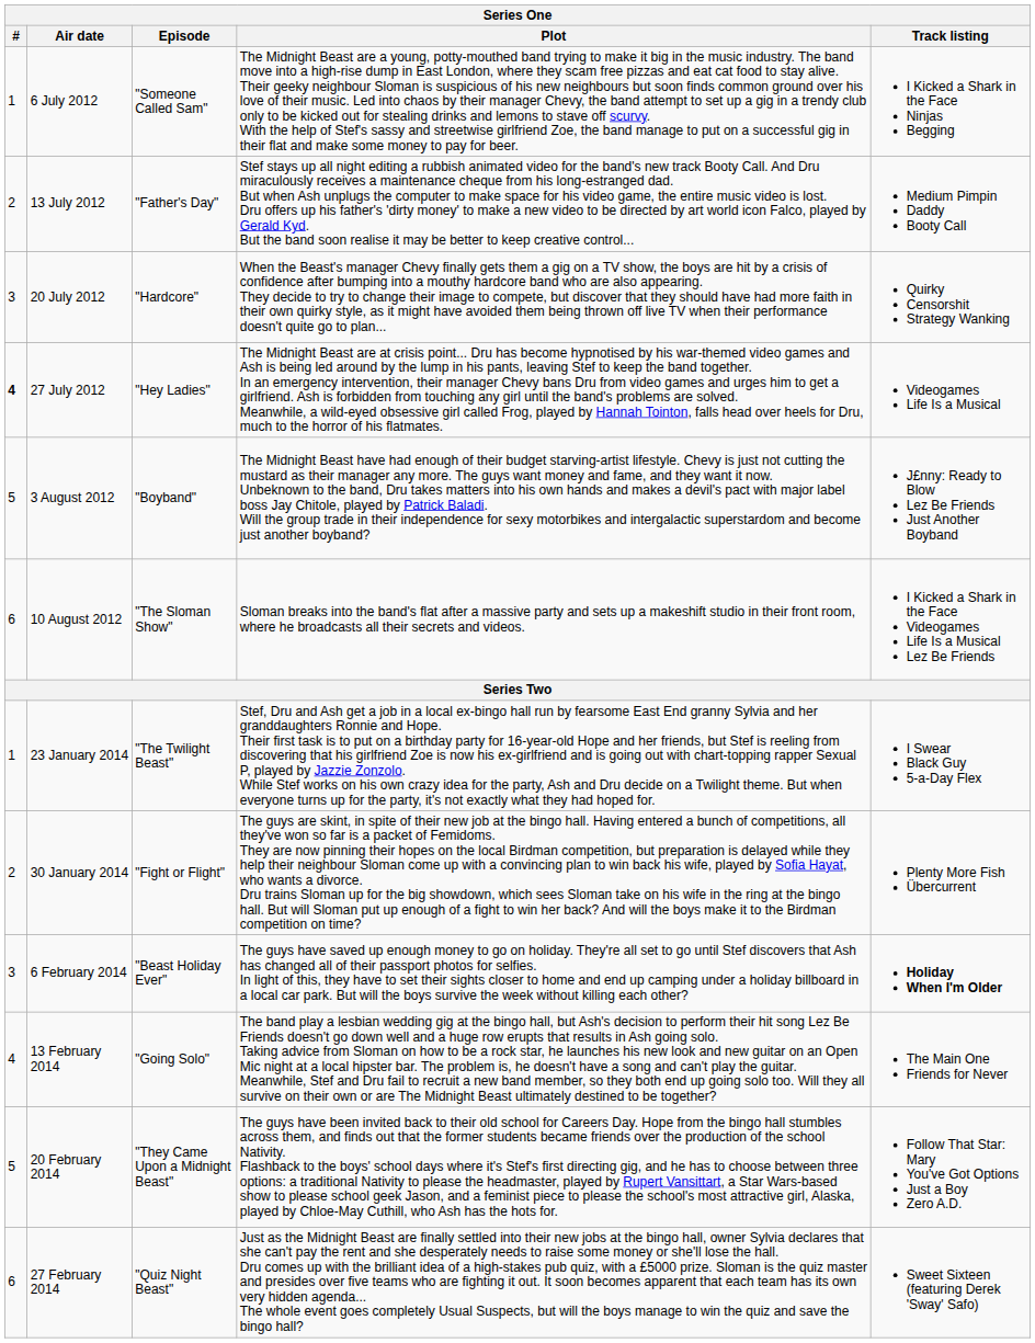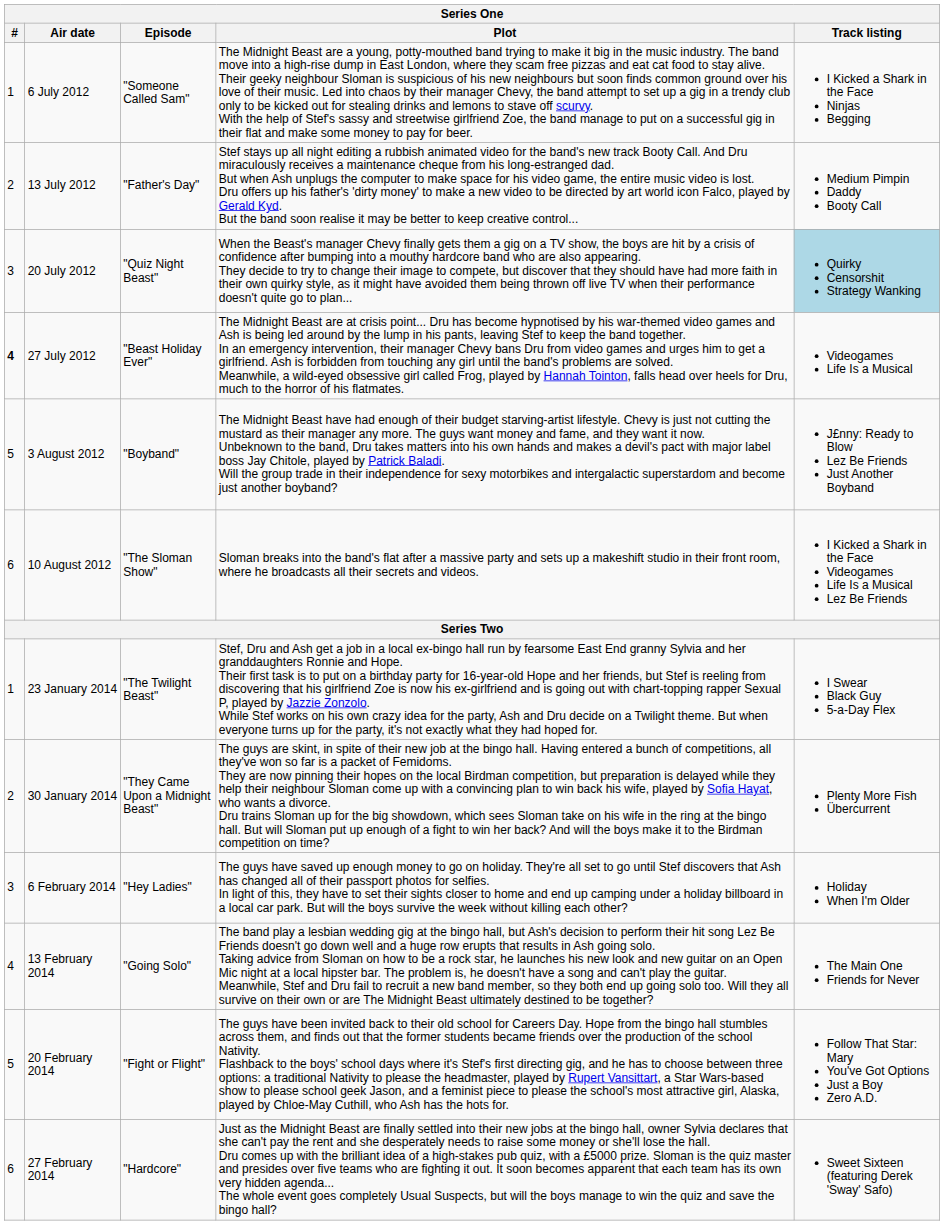 <table class="wikitable" border="1">
 <tr>
 <th colspan=5>Series One</th>
 </tr>
 <tr>
 <th width=20>#</th>
 <th width=120>Air date</th>
 <th width=120>Episode</th>
 <th>Plot</th>
 <th>Track listing</th>
 </tr>
 <tr>
 <td>1</td>
 <td>6 July 2012</td>
 <td>"Someone Called Sam"</td>
 <td>The Midnight Beast are a young, potty-mouthed band trying to make it big in the music industry. The band move into a high-rise dump in East London, where they scam free pizzas and eat cat food to stay alive.<br>Their geeky neighbour Sloman is suspicious of his new neighbours but soon finds common ground over his love of their music. Led into chaos by their manager Chevy, the band attempt to set up a gig in a trendy club only to be kicked out for stealing drinks and lemons to stave off <a href='#'>scurvy</a>.<br>With the help of Stef's sassy and streetwise girlfriend Zoe, the band manage to put on a successful gig in their flat and make some money to pay for beer.</td>
 <td><br><ul><li>I Kicked a Shark in the Face</li><li>Ninjas</li><li>Begging</li></ul></td>
 </tr>
 <tr>
 <td>2</td>
 <td>13 July 2012</td>
 <td>"Father's Day"</td>
 <td>Stef stays up all night editing a rubbish animated video for the band's new track Booty Call. And Dru miraculously receives a maintenance cheque from his long-estranged dad.<br>But when Ash unplugs the computer to make space for his video game, the entire music video is lost.<br>Dru offers up his father's 'dirty money' to make a new video to be directed by art world icon Falco, played by <a href='#'>Gerald Kyd</a>.<br>But the band soon realise it may be better to keep creative control...</td>
 <td><br><ul><li>Medium Pimpin</li><li>Daddy</li><li>Booty Call</li></ul></td>
 </tr>
 <tr>
 <td>3</td>
 <td>20 July 2012</td>
-<td>"Hardcore"</td>
+<td>"Quiz Night Beast"</td>
 <td>When the Beast's manager Chevy finally gets them a gig on a TV show, the boys are hit by a crisis of confidence after bumping into a mouthy hardcore band who are also appearing.<br>They decide to try to change their image to compete, but discover that they should have had more faith in their own quirky style, as it might have avoided them being thrown off live TV when their performance doesn't quite go to plan...</td>
-<td><br><ul><li>Quirky</li><li>Censorshit</li><li>Strategy Wanking</li></ul></td>
+<td style="background: lightblue;"><br><ul><li>Quirky</li><li>Censorshit</li><li>Strategy Wanking</li></ul></td>
 </tr>
 <tr>
 <td><strong>4</strong></td>
 <td>27 July 2012</td>
-<td>"Hey Ladies"</td>
+<td>"Beast Holiday Ever"</td>
 <td>The Midnight Beast are at crisis point... Dru has become hypnotised by his war-themed video games and Ash is being led around by the lump in his pants, leaving Stef to keep the band together.<br>In an emergency intervention, their manager Chevy bans Dru from video games and urges him to get a girlfriend. Ash is forbidden from touching any girl until the band's problems are solved.<br>Meanwhile, a wild-eyed obsessive girl called Frog, played by <a href='#'>Hannah Tointon</a>, falls head over heels for Dru, much to the horror of his flatmates.</td>
 <td><br><ul><li>Videogames</li><li>Life Is a Musical</li></ul></td>
 </tr>
 <tr>
 <td>5</td>
 <td>3 August 2012</td>
 <td>"Boyband"</td>
 <td>The Midnight Beast have had enough of their budget starving-artist lifestyle. Chevy is just not cutting the mustard as their manager any more. The guys want money and fame, and they want it now.<br>Unbeknown to the band, Dru takes matters into his own hands and makes a devil's pact with major label boss Jay Chitole, played by <a href='#'>Patrick Baladi</a>.<br>Will the group trade in their independence for sexy motorbikes and intergalactic superstardom and become just another boyband?</td>
 <td><br><ul><li>J£nny: Ready to Blow</li><li>Lez Be Friends</li><li>Just Another Boyband</li></ul></td>
 </tr>
 <tr>
 <td>6</td>
 <td>10 August 2012</td>
 <td>"The Sloman Show"</td>
 <td>Sloman breaks into the band's flat after a massive party and sets up a makeshift studio in their front room, where he broadcasts all their secrets and videos.</td>
 <td><br><ul><li>I Kicked a Shark in the Face</li><li>Videogames</li><li>Life Is a Musical</li><li>Lez Be Friends</li></ul></td>
 </tr>
 <tr>
 <th colspan=5>Series Two</th>
 </tr>
 <tr>
 <td>1</td>
 <td>23 January 2014</td>
 <td>"The Twilight Beast"</td>
 <td>Stef, Dru and Ash get a job in a local ex-bingo hall run by fearsome East End granny Sylvia and her granddaughters Ronnie and Hope.<br>Their first task is to put on a birthday party for 16-year-old Hope and her friends, but Stef is reeling from discovering that his girlfriend Zoe is now his ex-girlfriend and is going out with chart-topping rapper Sexual P, played by <a href='#'>Jazzie Zonzolo</a>.<br>While Stef works on his own crazy idea for the party, Ash and Dru decide on a Twilight theme. But when everyone turns up for the party, it's not exactly what they had hoped for.</td>
 <td><br><ul><li>I Swear</li><li>Black Guy</li><li>5-a-Day Flex</li></ul></td>
 </tr>
 <tr>
 <td>2</td>
 <td>30 January 2014</td>
-<td>"Fight or Flight"</td>
+<td>"They Came Upon a Midnight Beast"</td>
 <td>The guys are skint, in spite of their new job at the bingo hall. Having entered a bunch of competitions, all they've won so far is a packet of Femidoms.<br>They are now pinning their hopes on the local Birdman competition, but preparation is delayed while they help their neighbour Sloman come up with a convincing plan to win back his wife, played by <a href='#'>Sofia Hayat</a>, who wants a divorce.<br>Dru trains Sloman up for the big showdown, which sees Sloman take on his wife in the ring at the bingo hall. But will Sloman put up enough of a fight to win her back? And will the boys make it to the Birdman competition on time?</td>
 <td><br><ul><li>Plenty More Fish</li><li>Übercurrent</li></ul></td>
 </tr>
 <tr>
 <td>3</td>
 <td>6 February 2014</td>
-<td>"Beast Holiday Ever"</td>
+<td>"Hey Ladies"</td>
 <td>The guys have saved up enough money to go on holiday. They're all set to go until Stef discovers that Ash has changed all of their passport photos for selfies.<br>In light of this, they have to set their sights closer to home and end up camping under a holiday billboard in a local car park. But will the boys survive the week without killing each other?</td>
-<td><strong><br><ul><li>Holiday</li><li>When I'm Older</li></ul></strong></td>
+<td><br><ul><li>Holiday</li><li>When I'm Older</li></ul></td>
 </tr>
 <tr>
 <td>4</td>
 <td>13 February 2014</td>
 <td>"Going Solo"</td>
 <td>The band play a lesbian wedding gig at the bingo hall, but Ash's decision to perform their hit song Lez Be Friends doesn't go down well and a huge row erupts that results in Ash going solo.<br>Taking advice from Sloman on how to be a rock star, he launches his new look and new guitar on an Open Mic night at a local hipster bar. The problem is, he doesn't have a song and can't play the guitar.<br>Meanwhile, Stef and Dru fail to recruit a new band member, so they both end up going solo too. Will they all survive on their own or are The Midnight Beast ultimately destined to be together?</td>
 <td><br><ul><li>The Main One</li><li>Friends for Never</li></ul></td>
 </tr>
 <tr>
 <td>5</td>
 <td>20 February 2014</td>
-<td>"They Came Upon a Midnight Beast"</td>
+<td>"Fight or Flight"</td>
 <td>The guys have been invited back to their old school for Careers Day. Hope from the bingo hall stumbles across them, and finds out that the former students became friends over the production of the school Nativity.<br>Flashback to the boys' school days where it's Stef's first directing gig, and he has to choose between three options: a traditional Nativity to please the headmaster, played by <a href='#'>Rupert Vansittart</a>, a Star Wars-based show to please school geek Jason, and a feminist piece to please the school's most attractive girl, Alaska, played by Chloe-May Cuthill, who Ash has the hots for.</td>
 <td><br><ul><li>Follow That Star: Mary</li><li>You've Got Options</li><li>Just a Boy</li><li>Zero A.D.</li></ul></td>
 </tr>
 <tr>
 <td>6</td>
 <td>27 February 2014</td>
-<td>"Quiz Night Beast"</td>
+<td>"Hardcore"</td>
 <td>Just as the Midnight Beast are finally settled into their new jobs at the bingo hall, owner Sylvia declares that she can't pay the rent and she desperately needs to raise some money or she'll lose the hall.<br>Dru comes up with the brilliant idea of a high-stakes pub quiz, with a £5000 prize. Sloman is the quiz master and presides over five teams who are fighting it out. It soon becomes apparent that each team has its own very hidden agenda...<br>The whole event goes completely Usual Suspects, but will the boys manage to win the quiz and save the bingo hall?</td>
 <td><br><ul><li>Sweet Sixteen (featuring Derek 'Sway' Safo)</li></ul></td>
 </tr>
 </table>
